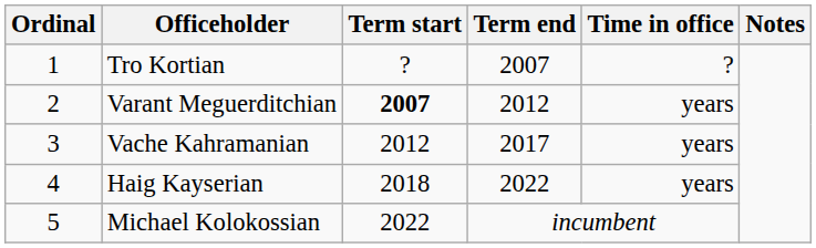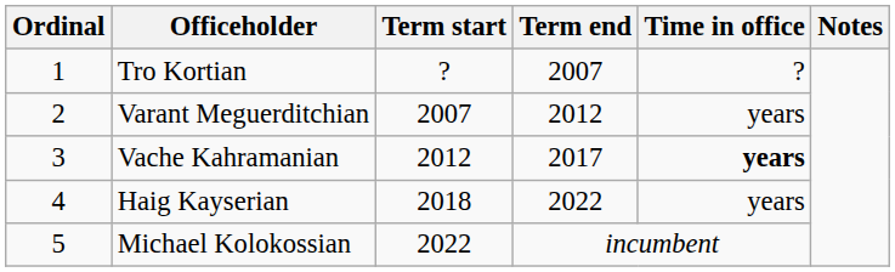 <table class="wikitable sortable">
 <tr>
 <th>Ordinal</th>
 <th>Officeholder</th>
 <th>Term start</th>
 <th>Term end</th>
 <th>Time in office</th>
 <th>Notes</th>
 </tr>
 <tr>
 <td align="center">1</td>
 <td>Tro Kortian</td>
 <td align="center">?</td>
 <td align="center">2007</td>
 <td align="right">?</td>
 <td rowspan="5"></td>
 </tr>
 <tr>
 <td align="center">2</td>
 <td>Varant Meguerditchian</td>
-<td align="center"><strong>2007</strong></td>
+<td align="center">2007</td>
 <td align="center">2012</td>
 <td align="right"> years</td>
 </tr>
 <tr>
 <td align="center">3</td>
 <td>Vache Kahramanian</td>
 <td align="center">2012</td>
 <td align="center">2017</td>
-<td align="right"> years</td>
+<td align="right"><strong> years</strong></td>
 </tr>
 <tr>
 <td align="center">4</td>
 <td>Haig Kayserian</td>
 <td align="center">2018</td>
 <td align="center">2022</td>
 <td align="right"> years</td>
 </tr>
 <tr>
 <td align="center">5</td>
 <td>Michael Kolokossian</td>
 <td align="center">2022</td>
 <td colspan="2" align="center"><em>incumbent</em></td>
 </tr>
 </table>
